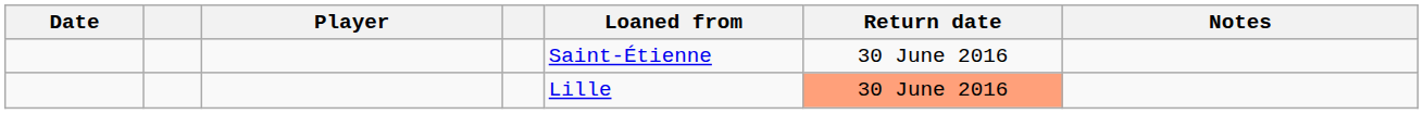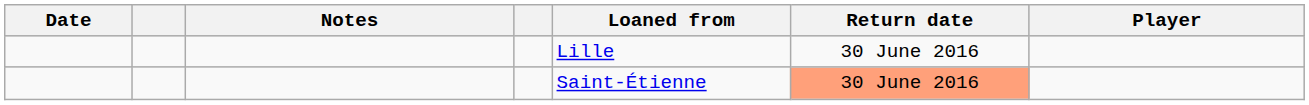 <table class="wikitable sortable">
 <tr>
 <th style="width:80px;">Date</th>
 <th style="width:30px;"></th>
-<th style="width:180px;">Player</th>
+<th style="width:215px;" class="unsortable">Notes</th>
 <th style="width:20px;"></th>
 <th style="width:155px;">Loaned from</th>
 <th style="width:155px;" class="unsortable">Return date</th>
-<th style="width:215px;" class="unsortable">Notes</th>
+<th style="width:180px;">Player</th>
 </tr>
 <tr>
 <td></td>
 <td align=center></td>
+<td align=center></td>
+<td></td>
+<td> <a href='#'>Lille</a></td>
+<td align=center>30 June 2016</td>
 <td> </td>
-<td></td>
-<td> <a href='#'>Saint-Étienne</a></td>
-<td align=center>30 June 2016</td>
-<td align=center></td>
 </tr>
 <tr>
 <td></td>
 <td align=center></td>
+<td align=center></td>
+<td></td>
+<td> <a href='#'>Saint-Étienne</a></td>
+<td align=center style="background: lightsalmon;">30 June 2016</td>
 <td> </td>
-<td></td>
-<td> <a href='#'>Lille</a></td>
-<td align=center style="background: lightsalmon;">30 June 2016</td>
-<td align=center></td>
 </tr>
 </table>
